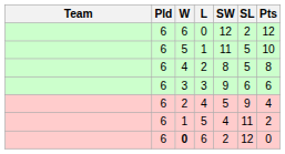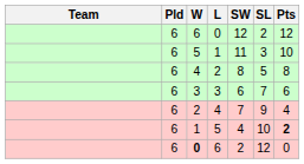 <table class=wikitable style="text-align:center">
 <tr>
 <th width=200>Team</th>
 <th width=20>Pld</th>
 <th width=20>W</th>
 <th width=20>L</th>
 <th width=20>SW</th>
 <th width=20>SL</th>
 <th width=20>Pts</th>
 </tr>
 <tr bgcolor=#ccffcc>
 <td align=left></td>
 <td>6</td>
 <td>6</td>
 <td>0</td>
 <td>12</td>
 <td>2</td>
 <td>12</td>
 </tr>
 <tr bgcolor=#ccffcc>
 <td align=left></td>
 <td>6</td>
 <td>5</td>
 <td>1</td>
 <td>11</td>
-<td>5</td>
+<td>3</td>
 <td>10</td>
 </tr>
 <tr bgcolor=#ccffcc>
 <td align=left></td>
 <td>6</td>
 <td>4</td>
 <td>2</td>
 <td>8</td>
 <td>5</td>
 <td>8</td>
 </tr>
 <tr bgcolor=#ccffcc>
 <td align=left></td>
 <td>6</td>
 <td>3</td>
 <td>3</td>
-<td>9</td>
 <td>6</td>
+<td>7</td>
 <td>6</td>
 </tr>
 <tr bgcolor=#ffcccc>
 <td align=left></td>
 <td>6</td>
 <td>2</td>
 <td>4</td>
-<td>5</td>
+<td>7</td>
 <td>9</td>
 <td>4</td>
 </tr>
 <tr bgcolor=#ffcccc>
 <td align=left></td>
 <td>6</td>
 <td>1</td>
 <td>5</td>
 <td>4</td>
-<td>11</td>
-<td>2</td>
+<td>10</td>
+<td><strong>2</strong></td>
 </tr>
 <tr bgcolor=#ffcccc>
 <td align=left></td>
 <td>6</td>
 <td><strong>0</strong></td>
 <td>6</td>
 <td>2</td>
 <td>12</td>
 <td>0</td>
 </tr>
 </table>
